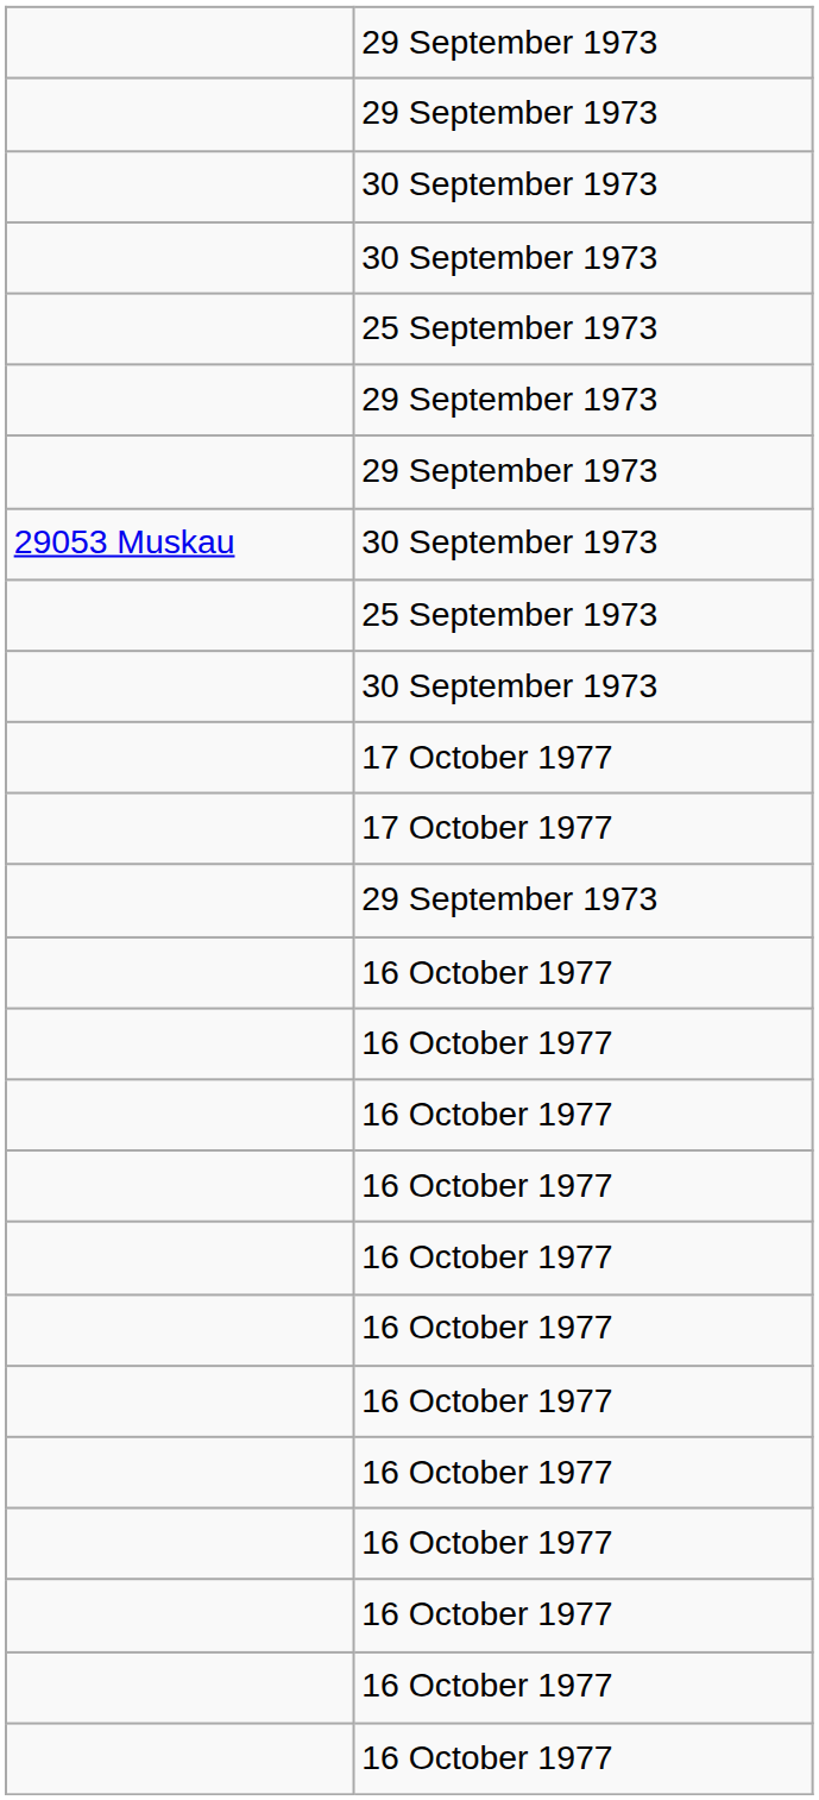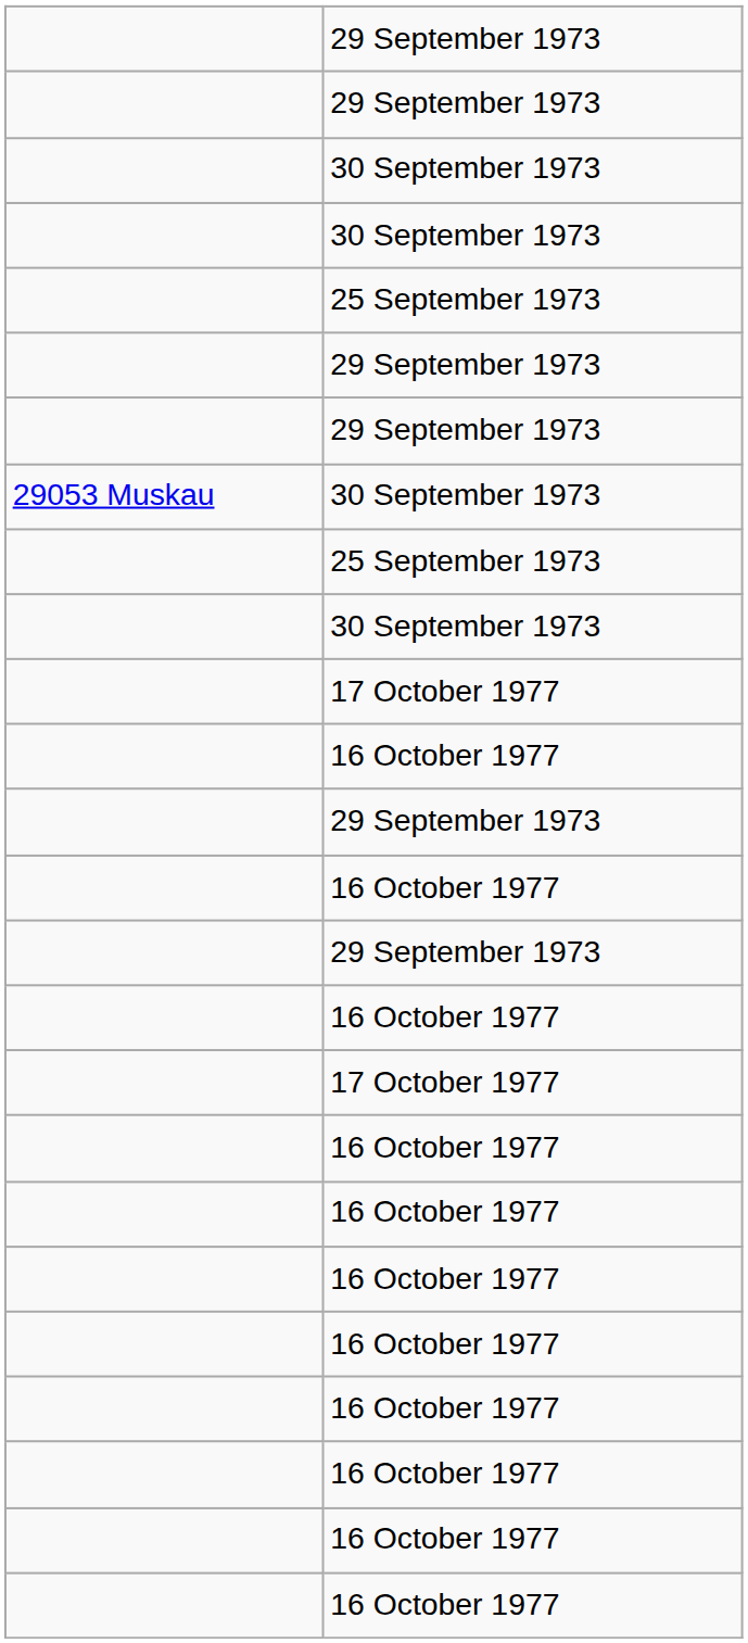 <table class="wikitable" style="font-size: 89%; float: left; width: 24em; margin-right: 1em; line-height: 1.65em">
 <tr>
 <td></td>
 <td>29 September 1973</td>
 </tr>
 <tr>
 <td></td>
 <td>29 September 1973</td>
 </tr>
 <tr>
 <td></td>
 <td>30 September 1973</td>
 </tr>
 <tr>
 <td></td>
 <td>30 September 1973</td>
 </tr>
 <tr>
 <td></td>
 <td>25 September 1973</td>
 </tr>
 <tr>
 <td></td>
 <td>29 September 1973</td>
 </tr>
 <tr>
 <td></td>
 <td>29 September 1973</td>
 </tr>
 <tr>
 <td><a href='#'>29053 Muskau</a></td>
 <td>30 September 1973</td>
 </tr>
 <tr>
 <td></td>
 <td>25 September 1973</td>
 </tr>
 <tr>
 <td></td>
 <td>30 September 1973</td>
 </tr>
 <tr>
 <td></td>
 <td>17 October 1977</td>
 </tr>
 <tr>
 <td></td>
-<td>17 October 1977</td>
+<td>16 October 1977</td>
 </tr>
 <tr>
 <td></td>
 <td>29 September 1973</td>
 </tr>
 <tr>
 <td></td>
 <td>16 October 1977</td>
 </tr>
 <tr>
 <td></td>
-<td>16 October 1977</td>
+<td>29 September 1973</td>
 </tr>
 <tr>
 <td></td>
 <td>16 October 1977</td>
 </tr>
 <tr>
 <td></td>
-<td>16 October 1977</td>
+<td>17 October 1977</td>
 </tr>
 <tr>
 <td></td>
 <td>16 October 1977</td>
 </tr>
 <tr>
 <td></td>
 <td>16 October 1977</td>
 </tr>
 <tr>
 <td></td>
 <td>16 October 1977</td>
 </tr>
 <tr>
 <td></td>
 <td>16 October 1977</td>
 </tr>
 <tr>
 <td></td>
 <td>16 October 1977</td>
 </tr>
 <tr>
 <td></td>
 <td>16 October 1977</td>
 </tr>
 <tr>
 <td></td>
 <td>16 October 1977</td>
 </tr>
 <tr>
 <td></td>
 <td>16 October 1977</td>
 </tr>
 </table>
